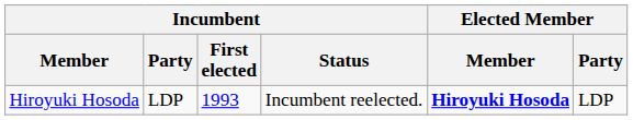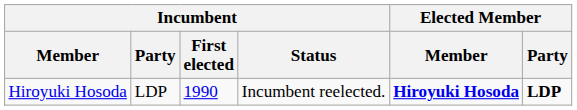 <table class="wikitable sortable">
 <tr>
 <th colspan=4>Incumbent</th>
 <th colspan=2>Elected Member</th>
 </tr>
 <tr>
 <th>Member</th>
 <th>Party</th>
 <th>First<br>elected</th>
 <th>Status</th>
 <th>Member</th>
 <th>Party</th>
 </tr>
 <tr>
 <td><a href='#'>Hiroyuki Hosoda</a></td>
 <td>LDP</td>
-<td><a href='#'>1993</a></td>
+<td><a href='#'>1990</a></td>
 <td>Incumbent reelected.</td>
 <td><strong><a href='#'>Hiroyuki Hosoda</a></strong></td>
-<td>LDP</td>
+<td><strong>LDP</strong></td>
 </tr>
 </table>
